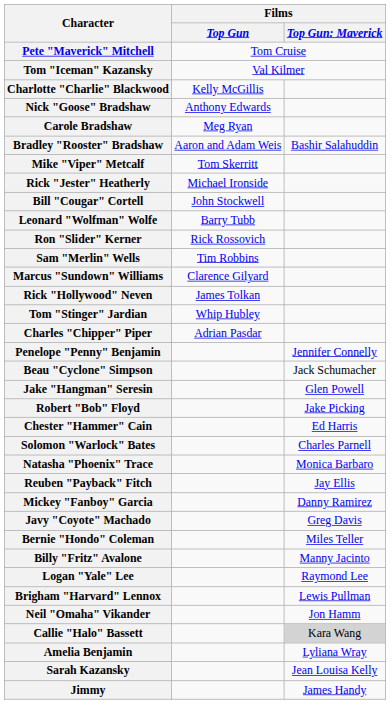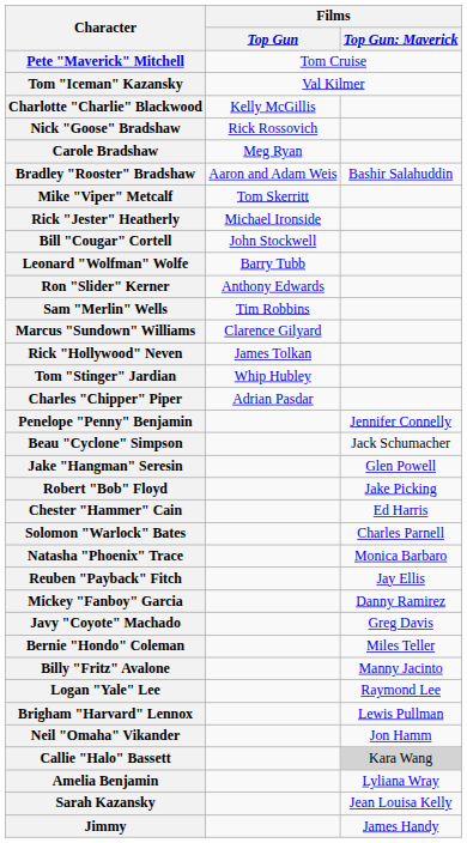 <table class="wikitable" style="text-align:center;">
 <tr>
 <th rowspan="2">Character</th>
 <th colspan="8">Films</th>
 </tr>
 <tr>
 <th><em><a href='#'>Top Gun</a></em></th>
 <th><em><a href='#'>Top Gun: Maverick</a></em></th>
 </tr>
 <tr>
 <th><a href='#'>Pete "Maverick" Mitchell</a></th>
 <td colspan="2"><a href='#'>Tom Cruise</a></td>
 </tr>
 <tr>
 <th>Tom "Iceman" Kazansky</th>
 <td colspan="2"><a href='#'>Val Kilmer</a></td>
 </tr>
 <tr>
 <th>Charlotte "Charlie" Blackwood</th>
 <td><a href='#'>Kelly McGillis</a></td>
 <td></td>
 </tr>
 <tr>
 <th>Nick "Goose" Bradshaw</th>
-<td><a href='#'>Anthony Edwards</a></td>
+<td><a href='#'>Rick Rossovich</a></td>
 <td></td>
 </tr>
 <tr>
 <th>Carole Bradshaw</th>
 <td><a href='#'>Meg Ryan</a></td>
 <td></td>
 </tr>
 <tr>
 <th>Bradley "Rooster" Bradshaw</th>
 <td><a href='#'>Aaron and Adam Weis</a></td>
 <td><a href='#'>Bashir Salahuddin</a></td>
 </tr>
 <tr>
 <th>Mike "Viper" Metcalf</th>
 <td><a href='#'>Tom Skerritt</a></td>
 <td></td>
 </tr>
 <tr>
 <th>Rick "Jester" Heatherly</th>
 <td><a href='#'>Michael Ironside</a></td>
 <td></td>
 </tr>
 <tr>
 <th>Bill "Cougar" Cortell</th>
 <td><a href='#'>John Stockwell</a></td>
 <td></td>
 </tr>
 <tr>
 <th>Leonard "Wolfman" Wolfe</th>
 <td><a href='#'>Barry Tubb</a></td>
 <td></td>
 </tr>
 <tr>
 <th>Ron "Slider" Kerner</th>
-<td><a href='#'>Rick Rossovich</a></td>
+<td><a href='#'>Anthony Edwards</a></td>
 <td></td>
 </tr>
 <tr>
 <th>Sam "Merlin" Wells</th>
 <td><a href='#'>Tim Robbins</a></td>
 <td></td>
 </tr>
 <tr>
 <th>Marcus "Sundown" Williams</th>
 <td><a href='#'>Clarence Gilyard</a></td>
 <td></td>
 </tr>
 <tr>
 <th>Rick "Hollywood" Neven</th>
 <td><a href='#'>James Tolkan</a></td>
 <td></td>
 </tr>
 <tr>
 <th>Tom "Stinger" Jardian</th>
 <td><a href='#'>Whip Hubley</a></td>
 <td></td>
 </tr>
 <tr>
 <th>Charles "Chipper" Piper</th>
 <td><a href='#'>Adrian Pasdar</a></td>
 <td></td>
 </tr>
 <tr>
 <th>Penelope "Penny" Benjamin</th>
 <td></td>
 <td><a href='#'>Jennifer Connelly</a></td>
 </tr>
 <tr>
 <th>Beau "Cyclone" Simpson</th>
 <td></td>
 <td>Jack Schumacher</td>
 </tr>
 <tr>
 <th>Jake "Hangman" Seresin</th>
 <td></td>
 <td><a href='#'>Glen Powell</a></td>
 </tr>
 <tr>
 <th>Robert "Bob" Floyd</th>
 <td></td>
 <td><a href='#'>Jake Picking</a></td>
 </tr>
 <tr>
 <th>Chester "Hammer" Cain</th>
 <td></td>
 <td><a href='#'>Ed Harris</a></td>
 </tr>
 <tr>
 <th>Solomon "Warlock" Bates</th>
 <td></td>
 <td><a href='#'>Charles Parnell</a></td>
 </tr>
 <tr>
 <th>Natasha "Phoenix" Trace</th>
 <td></td>
 <td><a href='#'>Monica Barbaro</a></td>
 </tr>
 <tr>
 <th>Reuben "Payback" Fitch</th>
 <td></td>
 <td><a href='#'>Jay Ellis</a></td>
 </tr>
 <tr>
 <th>Mickey "Fanboy" Garcia</th>
 <td></td>
 <td><a href='#'>Danny Ramirez</a></td>
 </tr>
 <tr>
 <th>Javy "Coyote" Machado</th>
 <td></td>
 <td><a href='#'>Greg Davis</a></td>
 </tr>
 <tr>
 <th>Bernie "Hondo" Coleman</th>
 <td></td>
 <td><a href='#'>Miles Teller</a></td>
 </tr>
 <tr>
 <th>Billy "Fritz" Avalone</th>
 <td></td>
 <td><a href='#'>Manny Jacinto</a></td>
 </tr>
 <tr>
 <th>Logan "Yale" Lee</th>
 <td></td>
 <td><a href='#'>Raymond Lee</a></td>
 </tr>
 <tr>
 <th>Brigham "Harvard" Lennox</th>
 <td></td>
 <td><a href='#'>Lewis Pullman</a></td>
 </tr>
 <tr>
 <th>Neil "Omaha" Vikander</th>
 <td></td>
 <td><a href='#'>Jon Hamm</a></td>
 </tr>
 <tr>
 <th>Callie "Halo" Bassett</th>
 <td></td>
 <td style="background: lightgrey;">Kara Wang</td>
 </tr>
 <tr>
 <th>Amelia Benjamin</th>
 <td></td>
 <td><a href='#'>Lyliana Wray</a></td>
 </tr>
 <tr>
 <th>Sarah Kazansky</th>
 <td></td>
 <td><a href='#'>Jean Louisa Kelly</a></td>
 </tr>
 <tr>
 <th>Jimmy</th>
 <td></td>
 <td><a href='#'>James Handy</a></td>
 </tr>
 </table>
